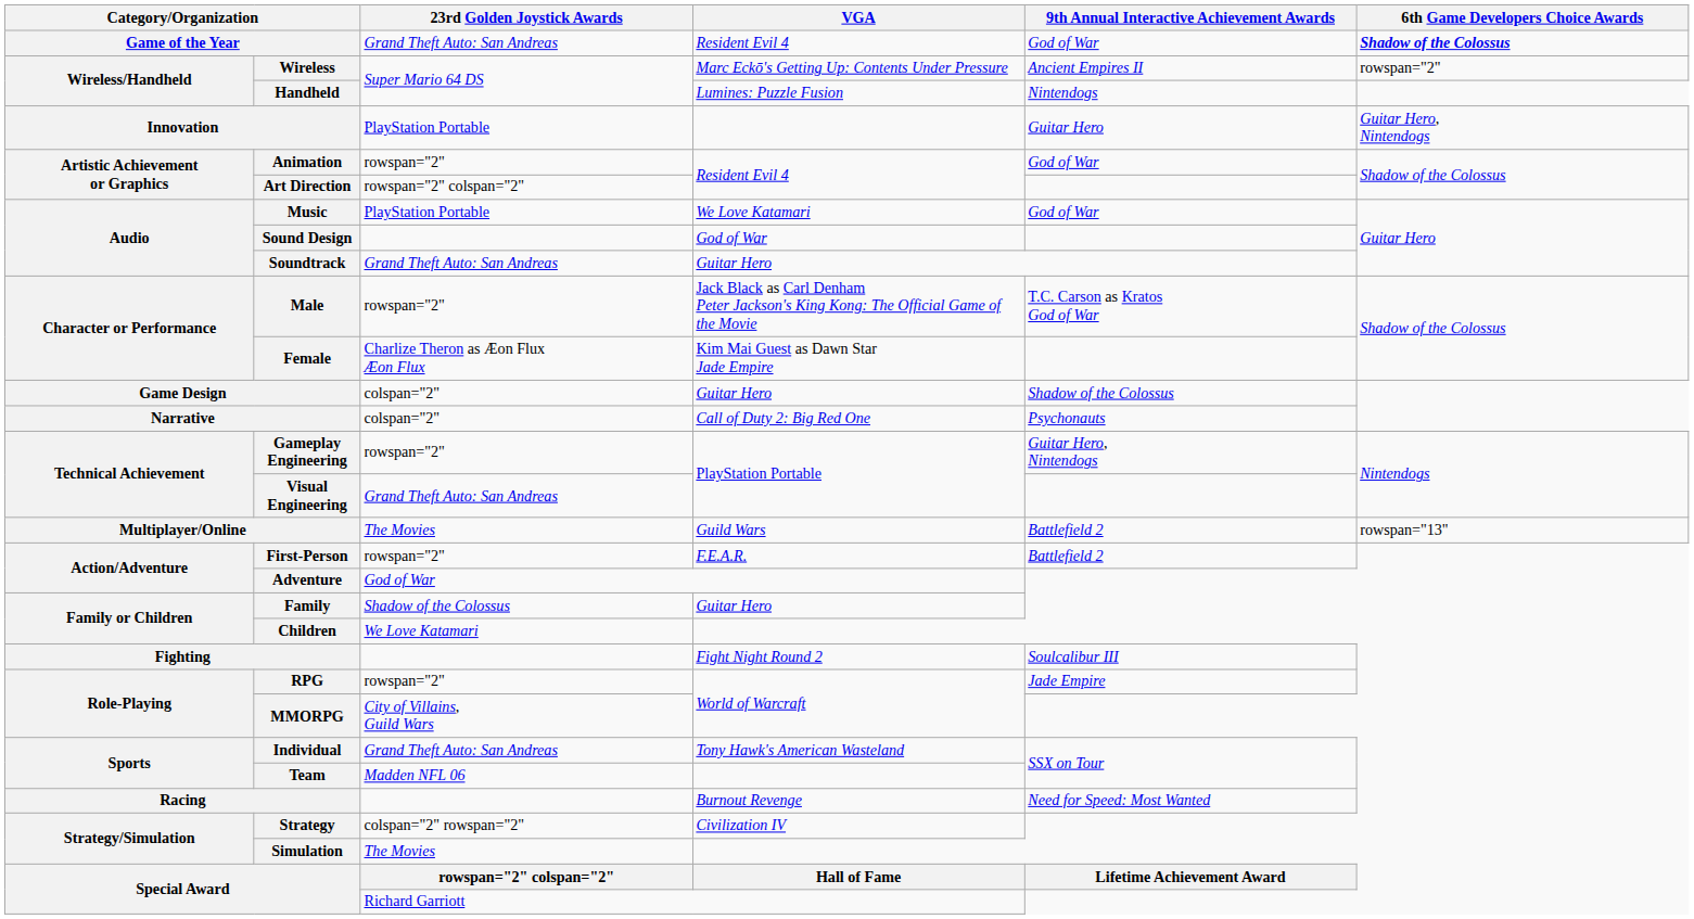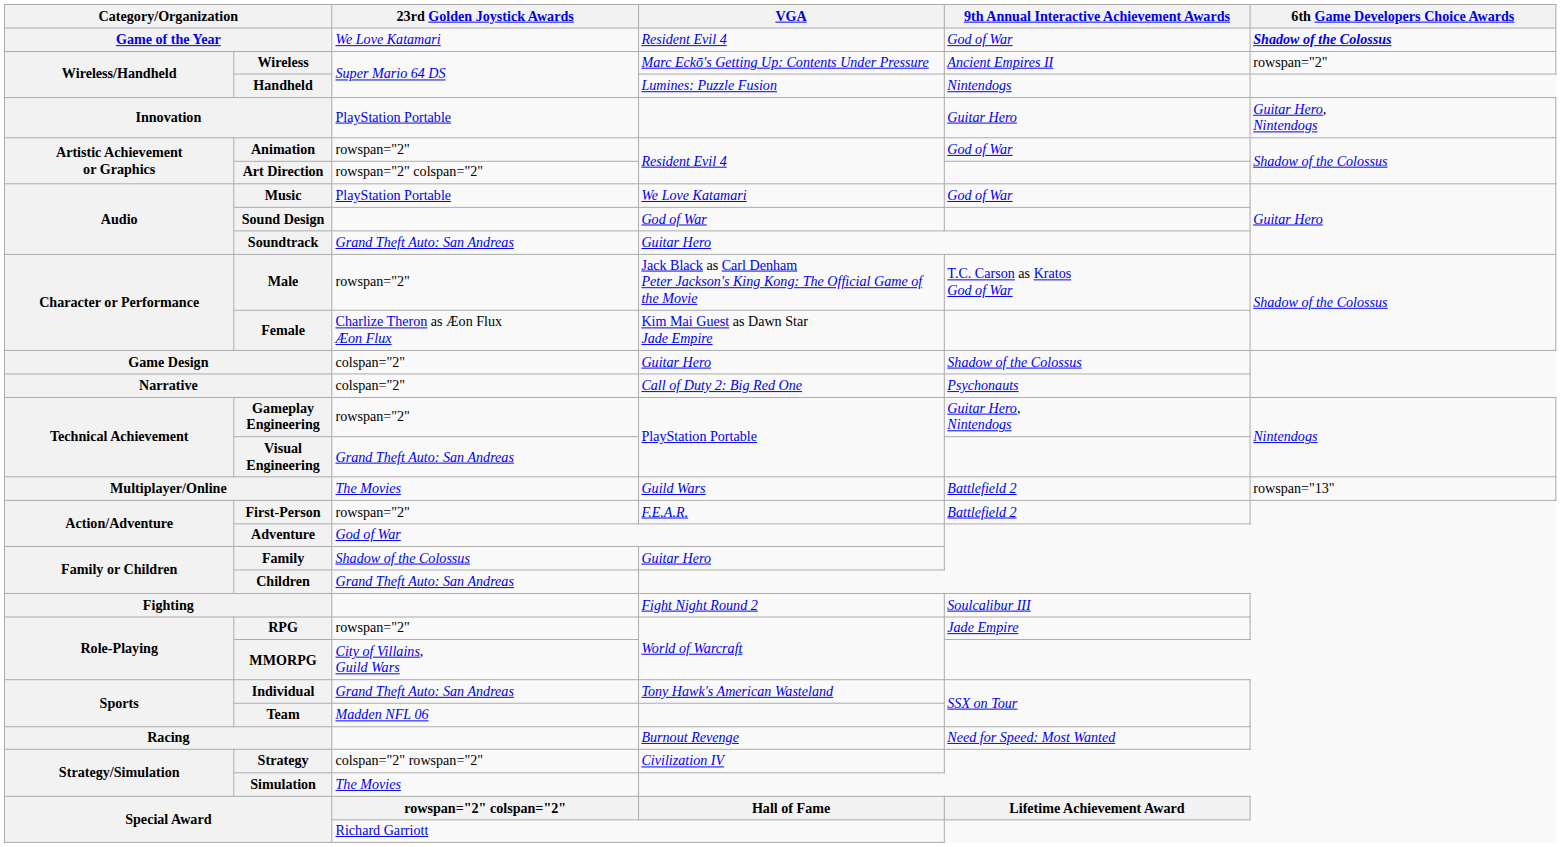 <table class="wikitable" style="border:none; margin:0; width:100%; font-size: 90%;">
 <tr>
 <th style="width:17%;" colspan="2">Category/Organization</th>
 <th style="width:16%;">23rd <a href='#'>Golden Joystick Awards</a><br></th>
 <th style="width:16%;"><a href='#'>VGA</a><br></th>
 <th style="width:16%;"><a href='#'>9th Annual Interactive Achievement Awards</a><br></th>
 <th style="width:16%;">6th <a href='#'>Game Developers Choice Awards</a><br></th>
 </tr>
 <tr>
 <th scope="row" colspan="2"><a href='#'>Game of the Year</a></th>
-<td><em><a href='#'>Grand Theft Auto: San Andreas</a></em></td>
+<td><em><a href='#'>We Love Katamari</a></em></td>
 <td><em><a href='#'>Resident Evil 4</a></em></td>
 <td><em><a href='#'>God of War</a></em></td>
 <td><strong><em><a href='#'>Shadow of the Colossus</a></em></strong></td>
 </tr>
 <tr>
 <th scope="row" rowspan="2" style="width:12%;">Wireless/Handheld</th>
 <th>Wireless</th>
 <td rowspan="2"><em><a href='#'>Super Mario 64 DS</a></em></td>
 <td><em><a href='#'>Marc Eckō's Getting Up: Contents Under Pressure</a></em></td>
 <td><em><a href='#'>Ancient Empires II</a></em></td>
 <td>rowspan="2" </td>
 </tr>
 <tr>
 <th scope="row">Handheld</th>
 <td><em><a href='#'>Lumines: Puzzle Fusion</a></em></td>
 <td><em><a href='#'>Nintendogs</a></em></td>
 </tr>
 <tr>
 <th scope="row" style="width:12%;" colspan="2">Innovation</th>
 <td><a href='#'>PlayStation Portable</a></td>
 <td></td>
 <td><em><a href='#'>Guitar Hero</a></em></td>
 <td><em><a href='#'>Guitar Hero</a></em>,<br><em><a href='#'>Nintendogs</a></em></td>
 </tr>
 <tr>
 <th scope="row" rowspan="2" style="width:9%;">Artistic Achievement<br>or Graphics</th>
 <th>Animation</th>
 <td>rowspan="2" </td>
 <td rowspan="2"><em><a href='#'>Resident Evil 4</a></em></td>
 <td><em><a href='#'>God of War</a></em></td>
 <td rowspan="2"><em><a href='#'>Shadow of the Colossus</a></em></td>
 </tr>
 <tr>
 <th scope="row">Art Direction</th>
 <td>rowspan="2" colspan="2" </td>
 </tr>
 <tr>
 <th scope="row" rowspan="3" style="width:12%;">Audio</th>
 <th>Music</th>
 <td><a href='#'>PlayStation Portable</a></td>
 <td><em><a href='#'>We Love Katamari</a></em></td>
 <td><em><a href='#'>God of War</a></em></td>
 <td rowspan="3"><em><a href='#'>Guitar Hero</a></em></td>
 </tr>
 <tr>
 <th scope="row">Sound Design</th>
 <td></td>
 <td><em><a href='#'>God of War</a></em></td>
 </tr>
 <tr>
 <th scope="row">Soundtrack</th>
 <td><em><a href='#'>Grand Theft Auto: San Andreas</a></em></td>
 <td colspan="2"><em><a href='#'>Guitar Hero</a></em></td>
 </tr>
 <tr>
 <th scope="row" rowspan="2">Character or Performance</th>
 <th>Male</th>
 <td>rowspan="2" </td>
 <td><a href='#'>Jack Black</a> as <a href='#'>Carl Denham</a><br><em><a href='#'>Peter Jackson's King Kong: The Official Game of the Movie</a></em></td>
 <td><a href='#'>T.C. Carson</a> as <a href='#'>Kratos</a><br><em><a href='#'>God of War</a></em></td>
 <td rowspan="2"><em><a href='#'>Shadow of the Colossus</a></em></td>
 </tr>
 <tr>
 <th scope="row">Female</th>
 <td><a href='#'>Charlize Theron</a> as Æon Flux<br><em><a href='#'>Æon Flux</a></em></td>
 <td><a href='#'>Kim Mai Guest</a> as Dawn Star<br><em><a href='#'>Jade Empire</a></em></td>
 </tr>
 <tr>
 <th scope="row" colspan="2">Game Design</th>
 <td>colspan="2" </td>
 <td><em><a href='#'>Guitar Hero</a></em></td>
 <td><em><a href='#'>Shadow of the Colossus</a></em></td>
 </tr>
 <tr>
 <th scope="row" colspan="2">Narrative</th>
 <td>colspan="2" </td>
 <td><em><a href='#'>Call of Duty 2: Big Red One</a></em></td>
 <td><em><a href='#'>Psychonauts</a></em></td>
 </tr>
 <tr>
 <th scope="row" rowspan="2">Technical Achievement</th>
 <th>Gameplay Engineering</th>
 <td>rowspan="2" </td>
 <td rowspan="2"><a href='#'>PlayStation Portable</a></td>
 <td><em><a href='#'>Guitar Hero</a></em>,<br><em><a href='#'>Nintendogs</a></em></td>
 <td rowspan="2"><em><a href='#'>Nintendogs</a></em></td>
 </tr>
 <tr>
 <th scope="row">Visual Engineering</th>
 <td><em><a href='#'>Grand Theft Auto: San Andreas</a></em></td>
 </tr>
 <tr>
 <th scope="row" colspan="2">Multiplayer/Online</th>
 <td><em><a href='#'>The Movies</a></em></td>
 <td><em><a href='#'>Guild Wars</a></em></td>
 <td><em><a href='#'>Battlefield 2</a></em></td>
 <td>rowspan="13" </td>
 </tr>
 <tr>
 <th scope="row" rowspan="2">Action/Adventure</th>
 <th>First-Person</th>
 <td>rowspan="2" </td>
 <td><em><a href='#'>F.E.A.R.</a></em></td>
 <td><em><a href='#'>Battlefield 2</a></em></td>
 </tr>
 <tr>
 <th scope="row">Adventure</th>
 <td colspan="2"><em><a href='#'>God of War</a></em></td>
 </tr>
 <tr>
 <th scope="row" rowspan="2">Family or Children</th>
 <th>Family</th>
 <td><em><a href='#'>Shadow of the Colossus</a></em></td>
 <td><em><a href='#'>Guitar Hero</a></em></td>
 </tr>
 <tr>
 <th scope="row">Children</th>
-<td><em><a href='#'>We Love Katamari</a></em></td>
+<td><em><a href='#'>Grand Theft Auto: San Andreas</a></em></td>
 </tr>
 <tr>
 <th scope="row" colspan="2">Fighting</th>
 <td></td>
 <td><em><a href='#'>Fight Night Round 2</a></em></td>
 <td><em><a href='#'>Soulcalibur III</a></em></td>
 </tr>
 <tr>
 <th scope="row" rowspan="2">Role-Playing</th>
 <th>RPG</th>
 <td>rowspan="2" </td>
 <td rowspan="2"><em><a href='#'>World of Warcraft</a></em></td>
 <td><em><a href='#'>Jade Empire</a></em></td>
 </tr>
 <tr>
 <th scope="row">MMORPG</th>
 <td><em><a href='#'>City of Villains</a></em>,<br><em><a href='#'>Guild Wars</a></em></td>
 </tr>
 <tr>
 <th scope="row" rowspan="2">Sports</th>
 <th>Individual</th>
 <td><em><a href='#'>Grand Theft Auto: San Andreas</a></em></td>
 <td><em><a href='#'>Tony Hawk's American Wasteland</a></em></td>
 <td rowspan="2"><em><a href='#'>SSX on Tour</a></em></td>
 </tr>
 <tr>
 <th scope="row">Team</th>
 <td><em><a href='#'>Madden NFL 06</a></em></td>
 </tr>
 <tr>
 <th scope="row" colspan="2">Racing</th>
 <td></td>
 <td><em><a href='#'>Burnout Revenge</a></em></td>
 <td><em><a href='#'>Need for Speed: Most Wanted</a></em></td>
 </tr>
 <tr>
 <th scope="row" rowspan="2">Strategy/Simulation</th>
 <th>Strategy</th>
 <td>colspan="2" rowspan="2" </td>
 <td><em><a href='#'>Civilization IV</a></em></td>
 </tr>
 <tr>
 <th scope="row">Simulation</th>
 <td><em><a href='#'>The Movies</a></em></td>
 </tr>
 <tr>
 <th scope="row" colspan="2" rowspan="2">Special Award</th>
 <th>rowspan="2" colspan="2" </th>
 <th>Hall of Fame</th>
 <th>Lifetime Achievement Award</th>
 </tr>
 <tr>
 <td colspan="2"><a href='#'>Richard Garriott</a></td>
 </tr>
 </table>
